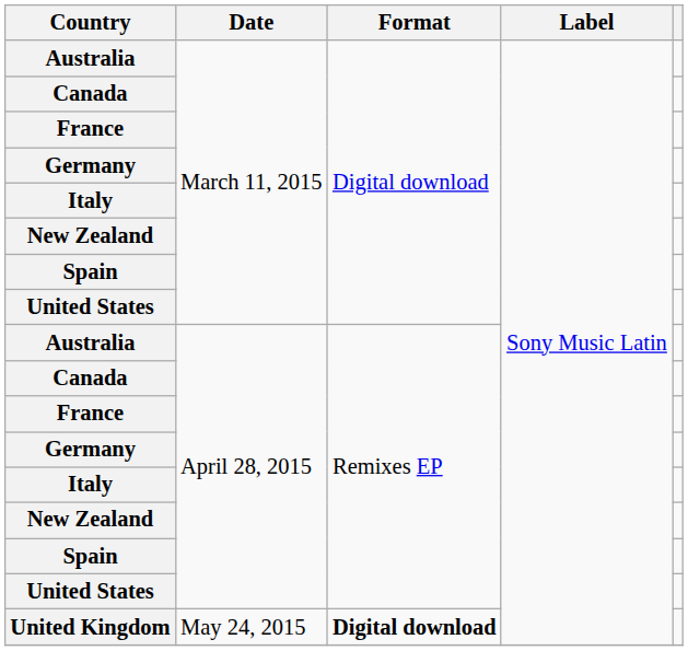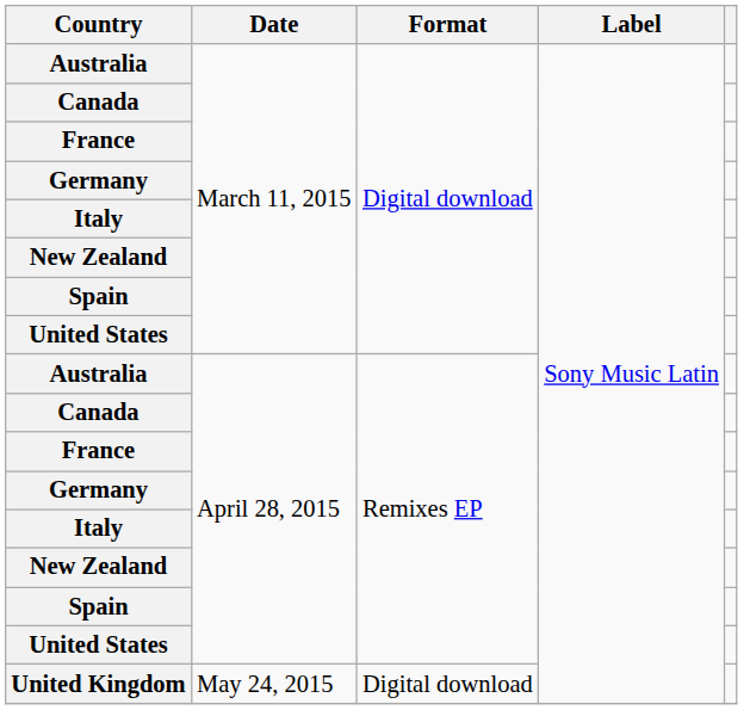 <table class="wikitable plainrowheaders">
 <tr>
 <th scope="col">Country</th>
 <th scope="col">Date</th>
 <th scope="col">Format</th>
 <th scope="col">Label</th>
 <th scope="col"></th>
 </tr>
 <tr>
 <th scope="row">Australia</th>
 <td rowspan="8">March 11, 2015</td>
 <td rowspan="8"><a href='#'>Digital download</a></td>
 <td rowspan="17"><a href='#'>Sony Music Latin</a></td>
 <td></td>
 </tr>
 <tr>
 <th scope="row">Canada</th>
 <td></td>
 </tr>
 <tr>
 <th scope="row">France</th>
 <td></td>
 </tr>
 <tr>
 <th scope="row">Germany</th>
 <td></td>
 </tr>
 <tr>
 <th scope="row">Italy</th>
 <td></td>
 </tr>
 <tr>
 <th scope="row">New Zealand</th>
 <td></td>
 </tr>
 <tr>
 <th scope="row">Spain</th>
 <td></td>
 </tr>
 <tr>
 <th scope="row">United States</th>
 <td></td>
 </tr>
 <tr>
 <th scope="row">Australia</th>
 <td rowspan="8">April 28, 2015</td>
 <td rowspan="8">Remixes <a href='#'>EP</a></td>
 <td></td>
 </tr>
 <tr>
 <th scope="row">Canada</th>
 <td></td>
 </tr>
 <tr>
 <th scope="row">France</th>
 <td></td>
 </tr>
 <tr>
 <th scope="row">Germany</th>
 <td></td>
 </tr>
 <tr>
 <th scope="row">Italy</th>
 <td></td>
 </tr>
 <tr>
 <th scope="row">New Zealand</th>
 <td></td>
 </tr>
 <tr>
 <th scope="row">Spain</th>
 <td></td>
 </tr>
 <tr>
 <th scope="row">United States</th>
 <td></td>
 </tr>
 <tr>
 <th scope="row">United Kingdom</th>
 <td rowspan="1">May 24, 2015</td>
-<td rowspan="1"><strong>Digital download</strong></td>
+<td rowspan="1">Digital download</td>
 <td></td>
 </tr>
 <tr>
 </tr>
 </table>
